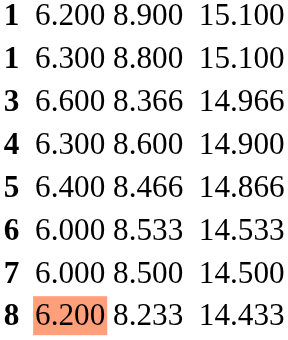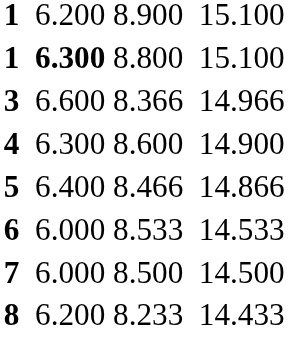 <table>
 <tr>
 <th scope=row style="text-align:center">1</th>
 <td align=left></td>
 <td>6.200</td>
 <td>8.900</td>
 <td></td>
 <td>15.100</td>
 </tr>
 <tr>
 <th scope=row style="text-align:center">1</th>
 <td align=left></td>
-<td>6.300</td>
+<td><strong>6.300</strong></td>
 <td>8.800</td>
 <td></td>
 <td>15.100</td>
 </tr>
 <tr>
 <th scope=row style="text-align:center">3</th>
 <td align=left></td>
 <td>6.600</td>
 <td>8.366</td>
 <td></td>
 <td>14.966</td>
 </tr>
 <tr>
 <th scope=row style="text-align:center">4</th>
 <td align=left></td>
 <td>6.300</td>
 <td>8.600</td>
 <td></td>
 <td>14.900</td>
 </tr>
 <tr>
 <th scope=row style="text-align:center">5</th>
 <td align=left></td>
 <td>6.400</td>
 <td>8.466</td>
 <td></td>
 <td>14.866</td>
 </tr>
 <tr>
 <th scope=row style="text-align:center">6</th>
 <td align=left></td>
 <td>6.000</td>
 <td>8.533</td>
 <td></td>
 <td>14.533</td>
 </tr>
 <tr>
 <th scope=row style="text-align:center">7</th>
 <td align=left></td>
 <td>6.000</td>
 <td>8.500</td>
 <td></td>
 <td>14.500</td>
 </tr>
 <tr>
 <th scope=row style="text-align:center">8</th>
 <td align=left></td>
-<td style="background: lightsalmon;">6.200</td>
+<td>6.200</td>
 <td>8.233</td>
 <td></td>
 <td>14.433</td>
 </tr>
 <tr>
 </tr>
 </table>
